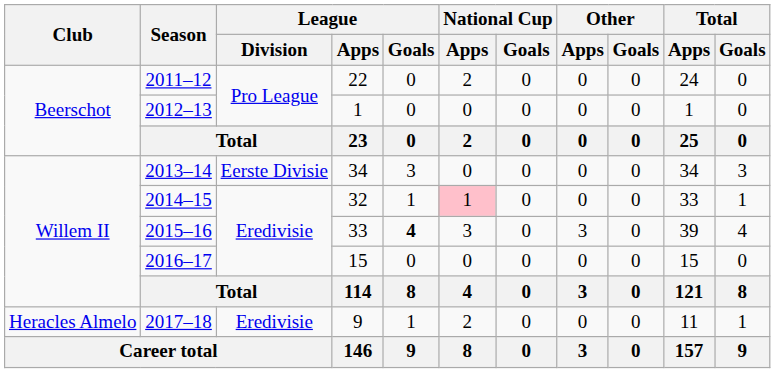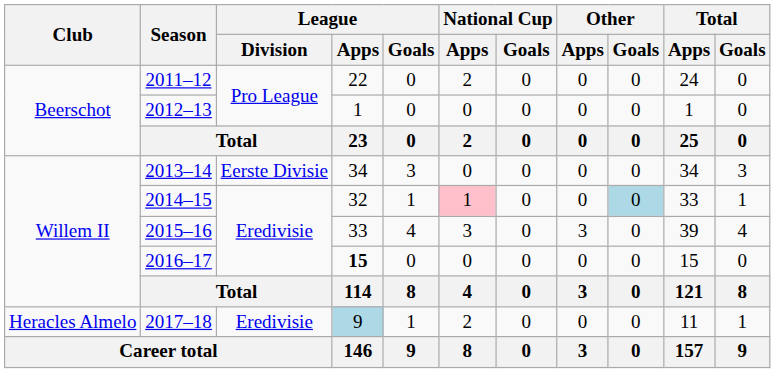 <table class="wikitable" style="text-align:center">
 <tr>
 <th rowspan="2">Club</th>
 <th rowspan="2">Season</th>
 <th colspan="3">League</th>
 <th colspan="2">National Cup</th>
 <th colspan="2">Other</th>
 <th colspan="2">Total</th>
 </tr>
 <tr>
 <th>Division</th>
 <th>Apps</th>
 <th>Goals</th>
 <th>Apps</th>
 <th>Goals</th>
 <th>Apps</th>
 <th>Goals</th>
 <th>Apps</th>
 <th>Goals</th>
 </tr>
 <tr>
 <td rowspan="3"><a href='#'>Beerschot</a></td>
 <td><a href='#'>2011–12</a></td>
 <td rowspan="2"><a href='#'>Pro League</a></td>
 <td>22</td>
 <td>0</td>
 <td>2</td>
 <td>0</td>
 <td>0</td>
 <td>0</td>
 <td>24</td>
 <td>0</td>
 </tr>
 <tr>
 <td><a href='#'>2012–13</a></td>
 <td>1</td>
 <td>0</td>
 <td>0</td>
 <td>0</td>
 <td>0</td>
 <td>0</td>
 <td>1</td>
 <td>0</td>
 </tr>
 <tr>
 <th colspan="2">Total</th>
 <th>23</th>
 <th>0</th>
 <th>2</th>
 <th>0</th>
 <th>0</th>
 <th>0</th>
 <th>25</th>
 <th>0</th>
 </tr>
 <tr>
 <td rowspan="5"><a href='#'>Willem II</a></td>
 <td><a href='#'>2013–14</a></td>
 <td><a href='#'>Eerste Divisie</a></td>
 <td>34</td>
 <td>3</td>
 <td>0</td>
 <td>0</td>
 <td>0</td>
 <td>0</td>
 <td>34</td>
 <td>3</td>
 </tr>
 <tr>
 <td><a href='#'>2014–15</a></td>
 <td rowspan="3"><a href='#'>Eredivisie</a></td>
 <td>32</td>
 <td>1</td>
 <td style="background: pink;">1</td>
 <td>0</td>
 <td>0</td>
-<td>0</td>
+<td style="background: lightblue;">0</td>
 <td>33</td>
 <td>1</td>
 </tr>
 <tr>
 <td><a href='#'>2015–16</a></td>
 <td>33</td>
-<td><strong>4</strong></td>
+<td>4</td>
 <td>3</td>
 <td>0</td>
 <td>3</td>
 <td>0</td>
 <td>39</td>
 <td>4</td>
 </tr>
 <tr>
 <td><a href='#'>2016–17</a></td>
-<td>15</td>
+<td><strong>15</strong></td>
 <td>0</td>
 <td>0</td>
 <td>0</td>
 <td>0</td>
 <td>0</td>
 <td>15</td>
 <td>0</td>
 </tr>
 <tr>
 <th colspan="2">Total</th>
 <th>114</th>
 <th>8</th>
 <th>4</th>
 <th>0</th>
 <th>3</th>
 <th>0</th>
 <th>121</th>
 <th>8</th>
 </tr>
 <tr>
 <td><a href='#'>Heracles Almelo</a></td>
 <td><a href='#'>2017–18</a></td>
 <td><a href='#'>Eredivisie</a></td>
-<td>9</td>
+<td style="background: lightblue;">9</td>
 <td>1</td>
 <td>2</td>
 <td>0</td>
 <td>0</td>
 <td>0</td>
 <td>11</td>
 <td>1</td>
 </tr>
 <tr>
 <th colspan="3">Career total</th>
 <th>146</th>
 <th>9</th>
 <th>8</th>
 <th>0</th>
 <th>3</th>
 <th>0</th>
 <th>157</th>
 <th>9</th>
 </tr>
 </table>
